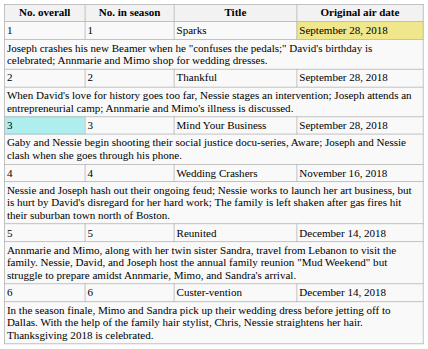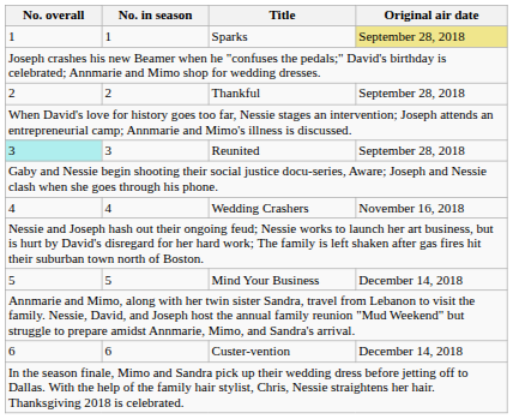 <table class="wikitable">
 <tr>
 <th>No. overall</th>
 <th>No. in season</th>
 <th>Title</th>
 <th>Original air date</th>
 </tr>
 <tr>
 <td>1</td>
 <td>1</td>
 <td>Sparks</td>
 <td style="background: khaki;">September 28, 2018</td>
 </tr>
 <tr>
 <td colspan="4">Joseph crashes his new Beamer when he "confuses the pedals;" David's birthday is celebrated; Annmarie and Mimo shop for wedding dresses.</td>
 </tr>
 <tr>
 <td>2</td>
 <td>2</td>
 <td>Thankful</td>
 <td>September 28, 2018</td>
 </tr>
 <tr>
 <td colspan="4">When David's love for history goes too far, Nessie stages an intervention; Joseph attends an entrepreneurial camp; Annmarie and Mimo's illness is discussed.</td>
 </tr>
 <tr>
 <td style="background: paleturquoise;">3</td>
 <td>3</td>
-<td>Mind Your Business</td>
+<td>Reunited</td>
 <td>September 28, 2018</td>
 </tr>
 <tr>
 <td colspan="4">Gaby and Nessie begin shooting their social justice docu-series, Aware; Joseph and Nessie clash when she goes through his phone.</td>
 </tr>
 <tr>
 <td>4</td>
 <td>4</td>
 <td>Wedding Crashers</td>
 <td>November 16, 2018</td>
 </tr>
 <tr>
 <td colspan="4">Nessie and Joseph hash out their ongoing feud; Nessie works to launch her art business, but is hurt by David's disregard for her hard work; The family is left shaken after gas fires hit their suburban town north of Boston.</td>
 </tr>
 <tr>
 <td>5</td>
 <td>5</td>
-<td>Reunited</td>
+<td>Mind Your Business</td>
 <td>December 14, 2018</td>
 </tr>
 <tr>
 <td colspan="4">Annmarie and Mimo, along with her twin sister Sandra, travel from Lebanon to visit the family. Nessie, David, and Joseph host the annual family reunion "Mud Weekend" but struggle to prepare amidst Annmarie, Mimo, and Sandra's arrival.</td>
 </tr>
 <tr>
 <td>6</td>
 <td>6</td>
 <td>Custer-vention</td>
 <td>December 14, 2018</td>
 </tr>
 <tr>
 <td colspan="4">In the season finale, Mimo and Sandra pick up their wedding dress before jetting off to Dallas. With the help of the family hair stylist, Chris, Nessie straightens her hair. Thanksgiving 2018 is celebrated.</td>
 </tr>
 </table>
